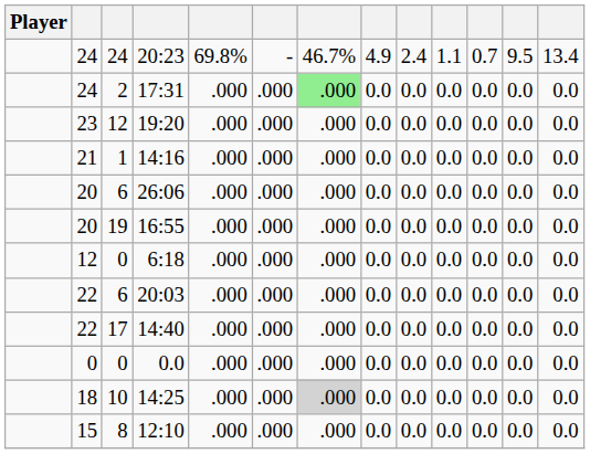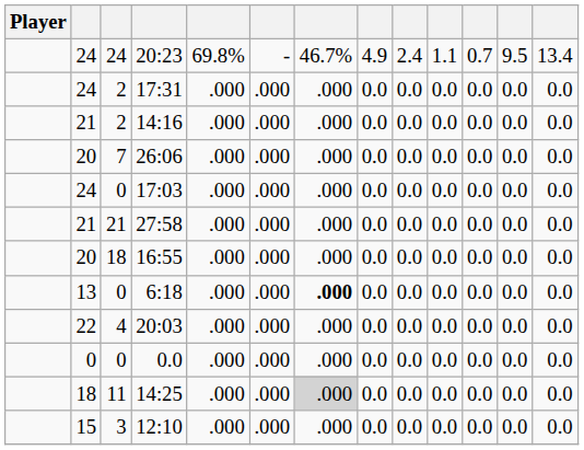 <table class="wikitable sortable" style="font-size:95%; text-align:right">
 <tr>
 <th>Player</th>
 <th></th>
 <th></th>
 <th></th>
 <th></th>
 <th></th>
 <th></th>
 <th></th>
 <th></th>
 <th></th>
 <th></th>
 <th></th>
 <th></th>
 </tr>
 <tr>
 <td><strong></strong></td>
 <td>24</td>
 <td>24</td>
 <td>20:23</td>
 <td>69.8%</td>
 <td>-</td>
 <td>46.7%</td>
 <td>4.9</td>
 <td>2.4</td>
 <td>1.1</td>
 <td>0.7</td>
 <td>9.5</td>
 <td>13.4</td>
 </tr>
 <tr>
 <td><strong></strong></td>
 <td>24</td>
 <td>2</td>
 <td>17:31</td>
 <td>.000</td>
 <td>.000</td>
-<td style="background: lightgreen;">.000</td>
-<td>0.0</td>
-<td>0.0</td>
-<td>0.0</td>
-<td>0.0</td>
-<td>0.0</td>
-<td>0.0</td>
-</tr>
-<tr>
-<td><strong></strong></td>
-<td>23</td>
-<td>12</td>
-<td>19:20</td>
-<td>.000</td>
-<td>.000</td>
 <td>.000</td>
 <td>0.0</td>
 <td>0.0</td>
 <td>0.0</td>
 <td>0.0</td>
 <td>0.0</td>
 <td>0.0</td>
 </tr>
 <tr>
 <td><strong></strong></td>
 <td>21</td>
-<td>1</td>
+<td>2</td>
 <td>14:16</td>
 <td>.000</td>
 <td>.000</td>
 <td>.000</td>
 <td>0.0</td>
 <td>0.0</td>
 <td>0.0</td>
 <td>0.0</td>
 <td>0.0</td>
 <td>0.0</td>
 </tr>
 <tr>
 <td><strong></strong></td>
 <td>20</td>
-<td>6</td>
+<td>7</td>
 <td>26:06</td>
 <td>.000</td>
 <td>.000</td>
 <td>.000</td>
 <td>0.0</td>
 <td>0.0</td>
 <td>0.0</td>
 <td>0.0</td>
 <td>0.0</td>
 <td>0.0</td>
 </tr>
 <tr>
 <td><strong></strong></td>
+<td>24</td>
+<td>0</td>
+<td>17:03</td>
+<td>.000</td>
+<td>.000</td>
+<td>.000</td>
+<td>0.0</td>
+<td>0.0</td>
+<td>0.0</td>
+<td>0.0</td>
+<td>0.0</td>
+<td>0.0</td>
+</tr>
+<tr>
+<td><strong></strong></td>
+<td>21</td>
+<td>21</td>
+<td>27:58</td>
+<td>.000</td>
+<td>.000</td>
+<td>.000</td>
+<td>0.0</td>
+<td>0.0</td>
+<td>0.0</td>
+<td>0.0</td>
+<td>0.0</td>
+<td>0.0</td>
+</tr>
+<tr>
+<td><strong></strong></td>
 <td>20</td>
-<td>19</td>
+<td>18</td>
 <td>16:55</td>
 <td>.000</td>
 <td>.000</td>
 <td>.000</td>
 <td>0.0</td>
 <td>0.0</td>
 <td>0.0</td>
 <td>0.0</td>
 <td>0.0</td>
 <td>0.0</td>
 </tr>
 <tr>
 <td><strong></strong></td>
-<td>12</td>
+<td>13</td>
 <td>0</td>
 <td>6:18</td>
 <td>.000</td>
 <td>.000</td>
-<td>.000</td>
+<td><strong>.000</strong></td>
 <td>0.0</td>
 <td>0.0</td>
 <td>0.0</td>
 <td>0.0</td>
 <td>0.0</td>
 <td>0.0</td>
 </tr>
 <tr>
 <td><strong></strong></td>
 <td>22</td>
-<td>6</td>
+<td>4</td>
 <td>20:03</td>
-<td>.000</td>
-<td>.000</td>
-<td>.000</td>
-<td>0.0</td>
-<td>0.0</td>
-<td>0.0</td>
-<td>0.0</td>
-<td>0.0</td>
-<td>0.0</td>
-</tr>
-<tr>
-<td><strong></strong></td>
-<td>22</td>
-<td>17</td>
-<td>14:40</td>
 <td>.000</td>
 <td>.000</td>
 <td>.000</td>
 <td>0.0</td>
 <td>0.0</td>
 <td>0.0</td>
 <td>0.0</td>
 <td>0.0</td>
 <td>0.0</td>
 </tr>
 <tr>
 <td><strong></strong></td>
 <td>0</td>
 <td>0</td>
 <td>0.0</td>
 <td>.000</td>
 <td>.000</td>
 <td>.000</td>
 <td>0.0</td>
 <td>0.0</td>
 <td>0.0</td>
 <td>0.0</td>
 <td>0.0</td>
 <td>0.0</td>
 </tr>
 <tr>
 <td><strong></strong></td>
 <td>18</td>
-<td>10</td>
+<td>11</td>
 <td>14:25</td>
 <td>.000</td>
 <td>.000</td>
 <td style="background: lightgrey;">.000</td>
 <td>0.0</td>
 <td>0.0</td>
 <td>0.0</td>
 <td>0.0</td>
 <td>0.0</td>
 <td>0.0</td>
 </tr>
 <tr>
 <td><strong></strong></td>
 <td>15</td>
-<td>8</td>
+<td>3</td>
 <td>12:10</td>
 <td>.000</td>
 <td>.000</td>
 <td>.000</td>
 <td>0.0</td>
 <td>0.0</td>
 <td>0.0</td>
 <td>0.0</td>
 <td>0.0</td>
 <td>0.0</td>
 </tr>
 <tr>
 </tr>
 </table>
